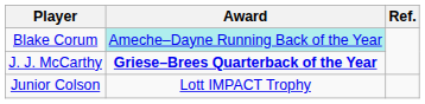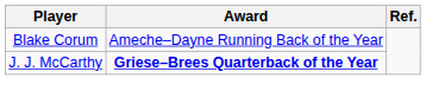 <table class="wikitable sortable sortable" style="text-align: center">
 <tr align=center>
 <th>Player</th>
 <th>Award</th>
 <th>Ref.</th>
 </tr>
 <tr>
 <td><a href='#'>Blake Corum</a></td>
-<td style="background: paleturquoise;"><a href='#'>Ameche–Dayne Running Back of the Year</a></td>
+<td><a href='#'>Ameche–Dayne Running Back of the Year</a></td>
 <td rowspan="2"></td>
 </tr>
 <tr>
 <td><a href='#'>J. J. McCarthy</a></td>
 <td><strong><a href='#'>Griese–Brees Quarterback of the Year</a></strong></td>
 </tr>
-<tr>
-<td><a href='#'>Junior Colson</a></td>
-<td><a href='#'>Lott IMPACT Trophy</a></td>
-<td></td>
-</tr>
 </table>
